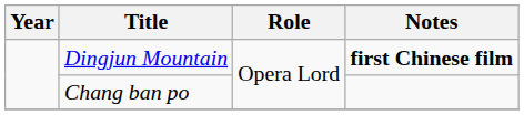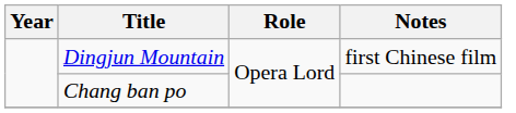 <table class="wikitable sortable">
 <tr>
 <th>Year</th>
 <th>Title</th>
 <th>Role</th>
 <th class="unsortable">Notes</th>
 </tr>
 <tr>
 <td rowspan="2"></td>
 <td><em><a href='#'>Dingjun Mountain</a></em></td>
 <td rowspan="2">Opera Lord</td>
-<td><strong>first Chinese film</strong></td>
+<td>first Chinese film</td>
 </tr>
 <tr>
 <td><em>Chang ban po</em></td>
 <td></td>
 </tr>
 <tr>
 </tr>
 </table>
